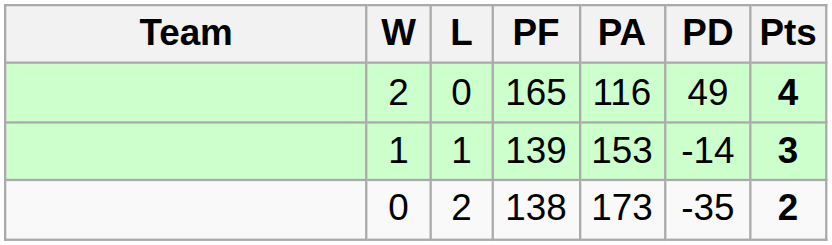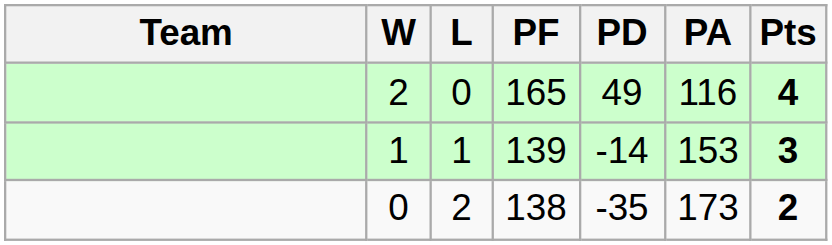 <table class="wikitable" style="text-align:center;">
 <tr>
 <th width=150>Team</th>
 <th width=20>W</th>
 <th width=20>L</th>
 <th width=30>PF</th>
+<th width=30>PD</th>
 <th width=30>PA</th>
-<th width=30>PD</th>
 <th width=20>Pts</th>
 </tr>
 <tr bgcolor="#ccffcc">
 <td align="left"></td>
 <td>2</td>
 <td>0</td>
 <td>165</td>
+<td>49</td>
 <td>116</td>
-<td>49</td>
 <td><strong>4</strong></td>
 </tr>
 <tr bgcolor="#ccffcc">
 <td align="left"></td>
 <td>1</td>
 <td>1</td>
 <td>139</td>
+<td>-14</td>
 <td>153</td>
-<td>-14</td>
 <td><strong>3</strong></td>
 </tr>
 <tr>
 <td align="left"></td>
 <td>0</td>
 <td>2</td>
 <td>138</td>
+<td>-35</td>
 <td>173</td>
-<td>-35</td>
 <td><strong>2</strong></td>
 </tr>
 </table>
